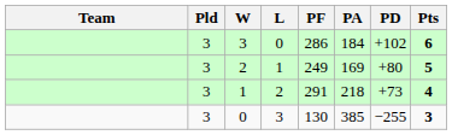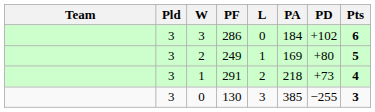 <table class="wikitable" style="text-align:center">
 <tr>
 <th width="180">Team</th>
 <th width="30">Pld</th>
 <th width="30">W</th>
+<th width="30">PF</th>
 <th width="30">L</th>
-<th width="30">PF</th>
 <th width="30">PA</th>
 <th width="30">PD</th>
 <th width="30">Pts</th>
 </tr>
 <tr bgcolor="#ccffcc" align="center">
 <td align="left"></td>
 <td>3</td>
 <td>3</td>
+<td>286</td>
 <td>0</td>
-<td>286</td>
 <td>184</td>
 <td>+102</td>
 <td><strong>6</strong></td>
 </tr>
 <tr bgcolor="#ccffcc" align="center">
 <td align="left"></td>
 <td>3</td>
 <td>2</td>
+<td>249</td>
 <td>1</td>
-<td>249</td>
 <td>169</td>
 <td>+80</td>
 <td><strong>5</strong></td>
 </tr>
 <tr bgcolor="#ccffcc" align="center">
 <td align="left"></td>
 <td>3</td>
 <td>1</td>
+<td>291</td>
 <td>2</td>
-<td>291</td>
 <td>218</td>
 <td>+73</td>
 <td><strong>4</strong></td>
 </tr>
 <tr align="center">
 <td align="left"></td>
 <td>3</td>
 <td>0</td>
+<td>130</td>
 <td>3</td>
-<td>130</td>
 <td>385</td>
 <td>−255</td>
 <td><strong>3</strong></td>
 </tr>
 </table>
